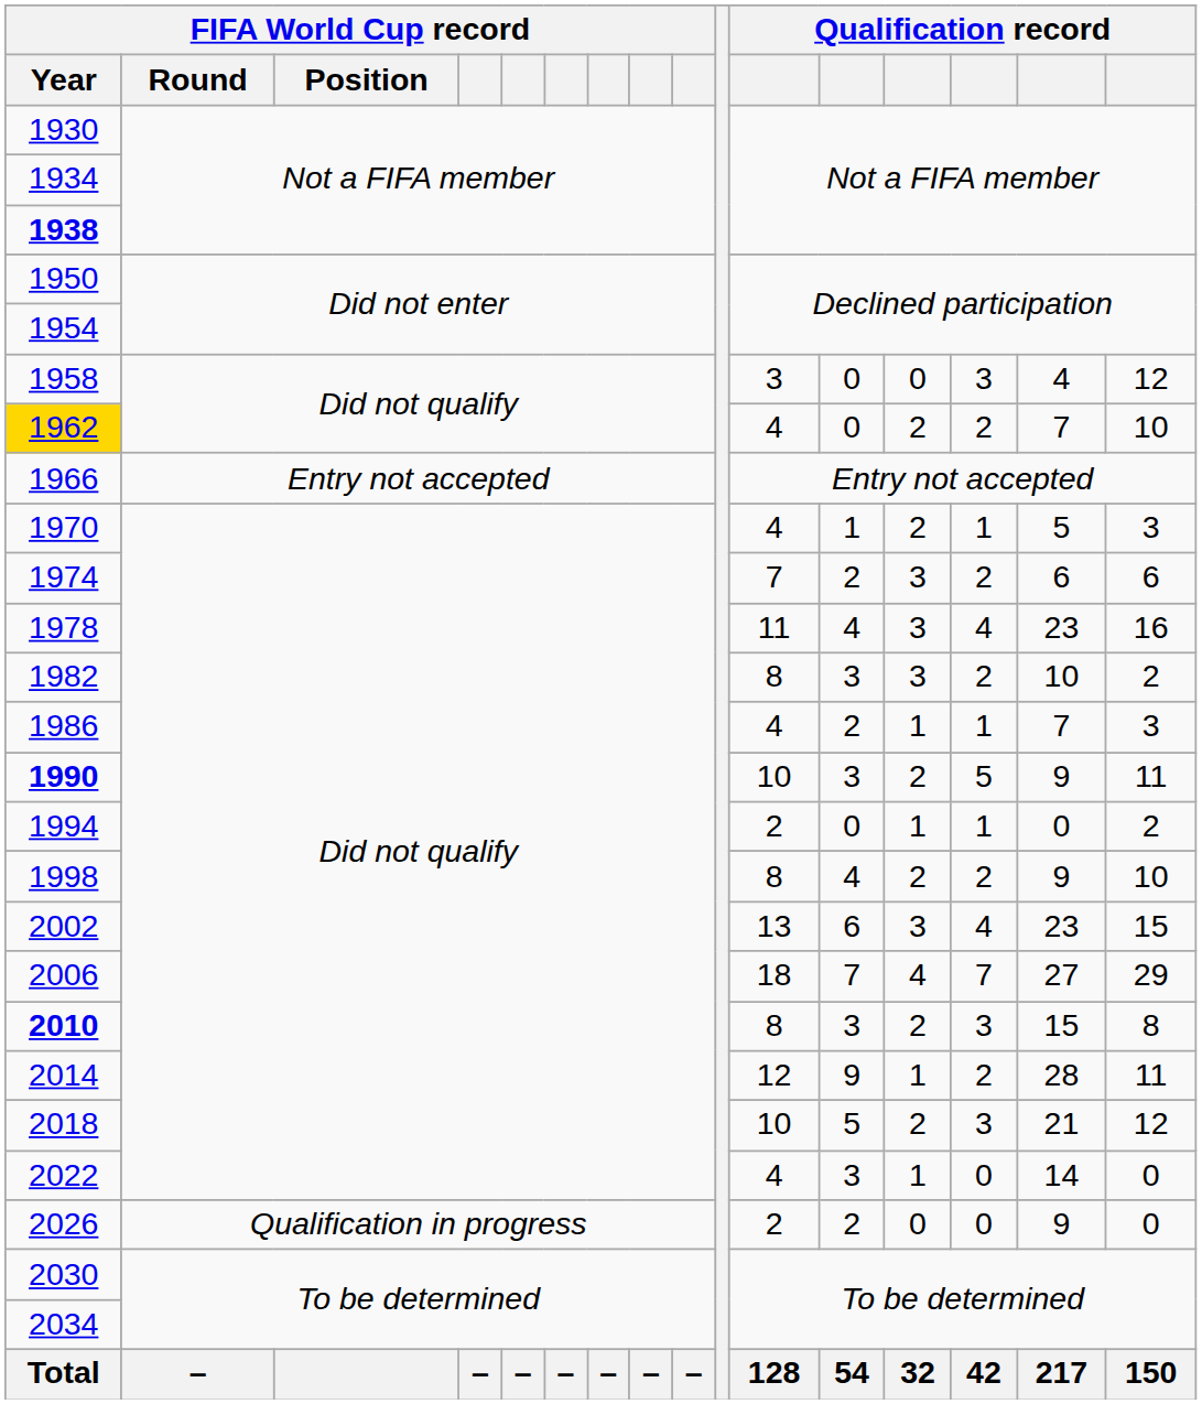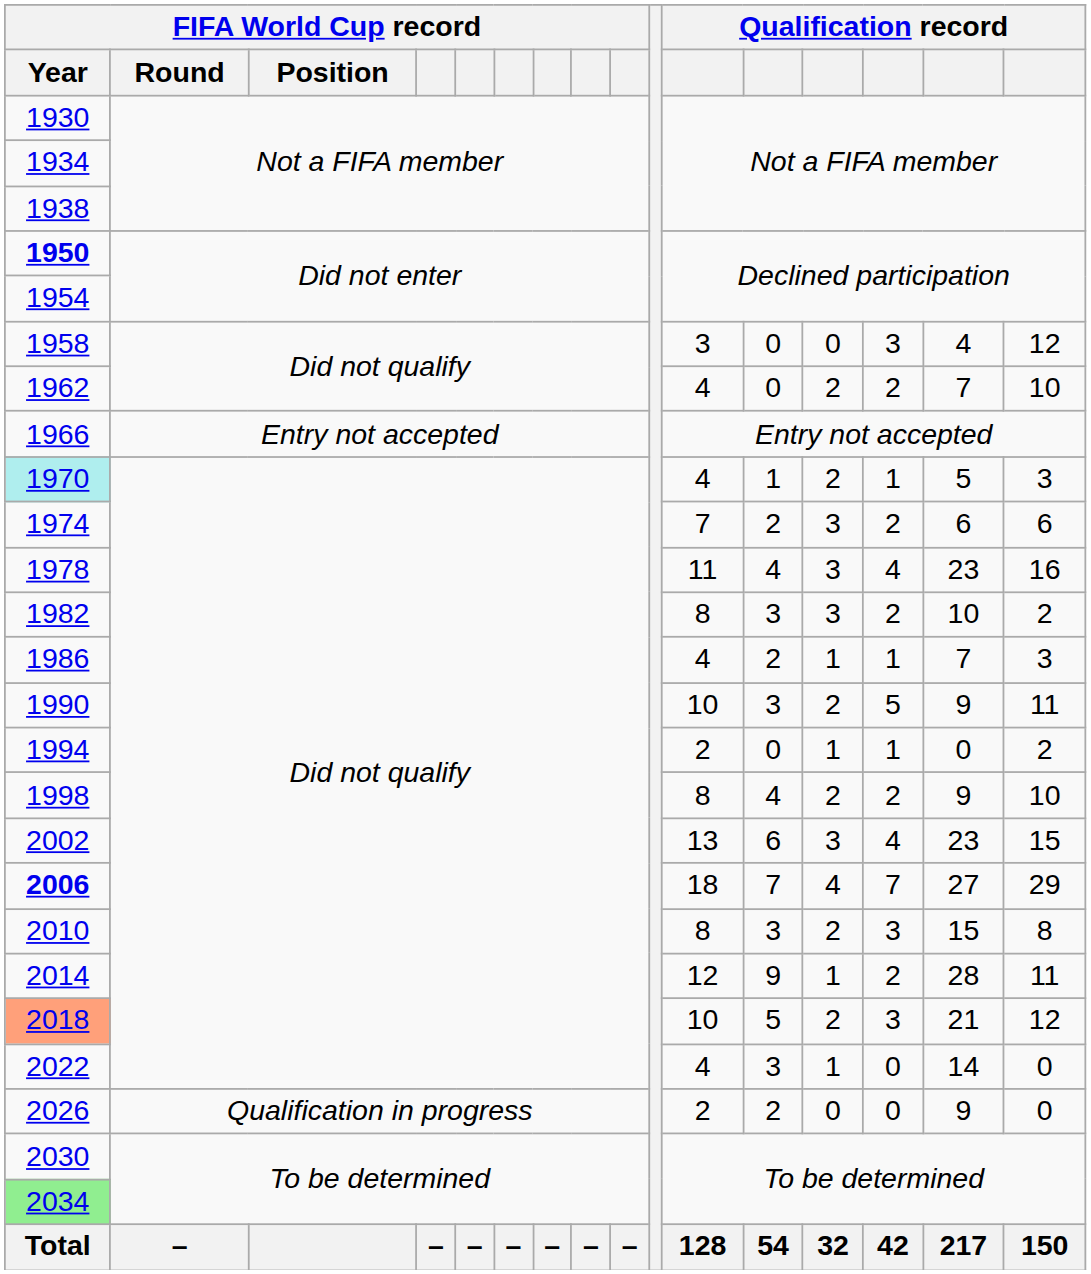 <table class="wikitable" style="text-align: center;">
 <tr>
 <th colspan=9><a href='#'>FIFA World Cup</a> record</th>
 <th width=1% rowspan=28></th>
 <th colspan=6><a href='#'>Qualification</a> record</th>
 </tr>
 <tr>
 <th>Year</th>
 <th>Round</th>
 <th>Position</th>
 <th></th>
 <th></th>
 <th></th>
 <th></th>
 <th></th>
 <th></th>
 <th></th>
 <th></th>
 <th></th>
 <th></th>
 <th></th>
 <th></th>
 </tr>
 <tr>
 <td> <a href='#'>1930</a></td>
 <td colspan=8 rowspan=3><em>Not a FIFA member</em></td>
 <td colspan=6 rowspan=3><em>Not a FIFA member</em></td>
 </tr>
 <tr>
 <td> <a href='#'>1934</a></td>
 </tr>
 <tr>
-<td><strong> <a href='#'>1938</a></strong></td>
+<td> <a href='#'>1938</a></td>
 </tr>
 <tr>
-<td> <a href='#'>1950</a></td>
+<td><strong> <a href='#'>1950</a></strong></td>
 <td colspan=8 rowspan=2><em>Did not enter</em></td>
 <td colspan=6 rowspan=2><em>Declined participation</em></td>
 </tr>
 <tr>
 <td> <a href='#'>1954</a></td>
 </tr>
 <tr>
 <td> <a href='#'>1958</a></td>
 <td colspan=8 rowspan=2><em>Did not qualify</em></td>
 <td>3</td>
 <td>0</td>
 <td>0</td>
 <td>3</td>
 <td>4</td>
 <td>12</td>
 </tr>
 <tr>
-<td style="background: gold;"> <a href='#'>1962</a></td>
+<td> <a href='#'>1962</a></td>
 <td>4</td>
 <td>0</td>
 <td>2</td>
 <td>2</td>
 <td>7</td>
 <td>10</td>
 </tr>
 <tr>
 <td> <a href='#'>1966</a></td>
 <td colspan=8><em>Entry not accepted</em></td>
 <td colspan=6><em>Entry not accepted</em></td>
 </tr>
 <tr>
-<td> <a href='#'>1970</a></td>
+<td style="background: paleturquoise;"> <a href='#'>1970</a></td>
 <td colspan=8 rowspan=14><em>Did not qualify</em></td>
 <td>4</td>
 <td>1</td>
 <td>2</td>
 <td>1</td>
 <td>5</td>
 <td>3</td>
 </tr>
 <tr>
 <td> <a href='#'>1974</a></td>
 <td>7</td>
 <td>2</td>
 <td>3</td>
 <td>2</td>
 <td>6</td>
 <td>6</td>
 </tr>
 <tr>
 <td> <a href='#'>1978</a></td>
 <td>11</td>
 <td>4</td>
 <td>3</td>
 <td>4</td>
 <td>23</td>
 <td>16</td>
 </tr>
 <tr>
 <td> <a href='#'>1982</a></td>
 <td>8</td>
 <td>3</td>
 <td>3</td>
 <td>2</td>
 <td>10</td>
 <td>2</td>
 </tr>
 <tr>
 <td> <a href='#'>1986</a></td>
 <td>4</td>
 <td>2</td>
 <td>1</td>
 <td>1</td>
 <td>7</td>
 <td>3</td>
 </tr>
 <tr>
-<td><strong> <a href='#'>1990</a></strong></td>
+<td> <a href='#'>1990</a></td>
 <td>10</td>
 <td>3</td>
 <td>2</td>
 <td>5</td>
 <td>9</td>
 <td>11</td>
 </tr>
 <tr>
 <td> <a href='#'>1994</a></td>
 <td>2</td>
 <td>0</td>
 <td>1</td>
 <td>1</td>
 <td>0</td>
 <td>2</td>
 </tr>
 <tr>
 <td> <a href='#'>1998</a></td>
 <td>8</td>
 <td>4</td>
 <td>2</td>
 <td>2</td>
 <td>9</td>
 <td>10</td>
 </tr>
 <tr>
 <td>  <a href='#'>2002</a></td>
 <td>13</td>
 <td>6</td>
 <td>3</td>
 <td>4</td>
 <td>23</td>
 <td>15</td>
 </tr>
 <tr>
-<td> <a href='#'>2006</a></td>
+<td><strong> <a href='#'>2006</a></strong></td>
 <td>18</td>
 <td>7</td>
 <td>4</td>
 <td>7</td>
 <td>27</td>
 <td>29</td>
 </tr>
 <tr>
-<td><strong> <a href='#'>2010</a></strong></td>
+<td> <a href='#'>2010</a></td>
 <td>8</td>
 <td>3</td>
 <td>2</td>
 <td>3</td>
 <td>15</td>
 <td>8</td>
 </tr>
 <tr>
 <td> <a href='#'>2014</a></td>
 <td>12</td>
 <td>9</td>
 <td>1</td>
 <td>2</td>
 <td>28</td>
 <td>11</td>
 </tr>
 <tr>
-<td> <a href='#'>2018</a></td>
+<td style="background: lightsalmon;"> <a href='#'>2018</a></td>
 <td>10</td>
 <td>5</td>
 <td>2</td>
 <td>3</td>
 <td>21</td>
 <td>12</td>
 </tr>
 <tr>
 <td> <a href='#'>2022</a></td>
 <td>4</td>
 <td>3</td>
 <td>1</td>
 <td>0</td>
 <td>14</td>
 <td>0</td>
 </tr>
 <tr>
 <td>   <a href='#'>2026</a></td>
 <td colspan=8><em>Qualification in progress</em></td>
 <td>2</td>
 <td>2</td>
 <td>0</td>
 <td>0</td>
 <td>9</td>
 <td>0</td>
 </tr>
 <tr>
 <td>   <a href='#'>2030</a></td>
 <td colspan=8 rowspan=2><em>To be determined</em></td>
 <td colspan=6 rowspan=2><em>To be determined</em></td>
 </tr>
 <tr>
-<td> <a href='#'>2034</a></td>
+<td style="background: lightgreen;"> <a href='#'>2034</a></td>
 </tr>
 <tr>
 <th>Total</th>
 <th>–</th>
 <th></th>
 <th>–</th>
 <th>–</th>
 <th>–</th>
 <th>–</th>
 <th>–</th>
 <th>–</th>
 <th>128</th>
 <th>54</th>
 <th>32</th>
 <th>42</th>
 <th>217</th>
 <th>150</th>
 </tr>
 </table>
